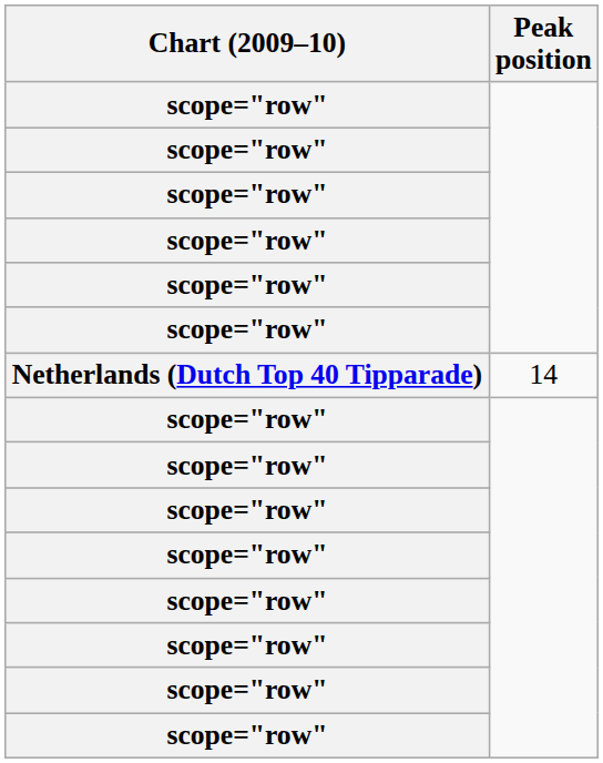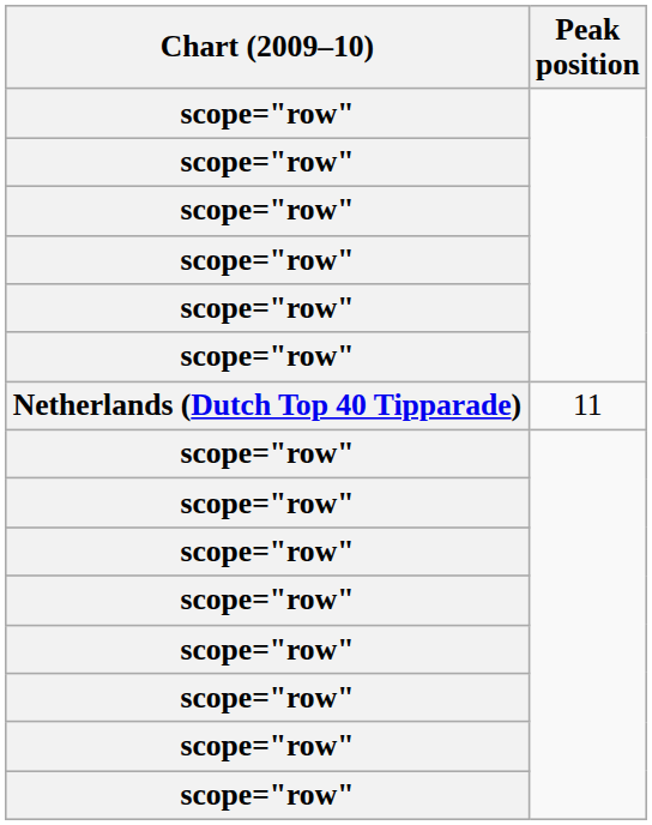 <table class="wikitable sortable plainrowheaders" style="text-align:center">
 <tr>
 <th>Chart (2009–10)</th>
 <th>Peak<br>position</th>
 </tr>
 <tr>
 <th>scope="row"</th>
 </tr>
 <tr>
 <th>scope="row"</th>
 </tr>
 <tr>
 <th>scope="row"</th>
 </tr>
 <tr>
 <th>scope="row"</th>
 </tr>
 <tr>
 <th>scope="row"</th>
 </tr>
 <tr>
 <th>scope="row"</th>
 </tr>
 <tr>
 <th scope="row">Netherlands (<a href='#'>Dutch Top 40 Tipparade</a>)</th>
-<td style="text-align:center;">14</td>
+<td style="text-align:center;">11</td>
 </tr>
 <tr>
 <th>scope="row"</th>
 </tr>
 <tr>
 <th>scope="row"</th>
 </tr>
 <tr>
 <th>scope="row"</th>
 </tr>
 <tr>
 <th>scope="row"</th>
 </tr>
 <tr>
 <th>scope="row"</th>
 </tr>
 <tr>
 <th>scope="row"</th>
 </tr>
 <tr>
 <th>scope="row"</th>
 </tr>
 <tr>
 <th>scope="row"</th>
 </tr>
 </table>
